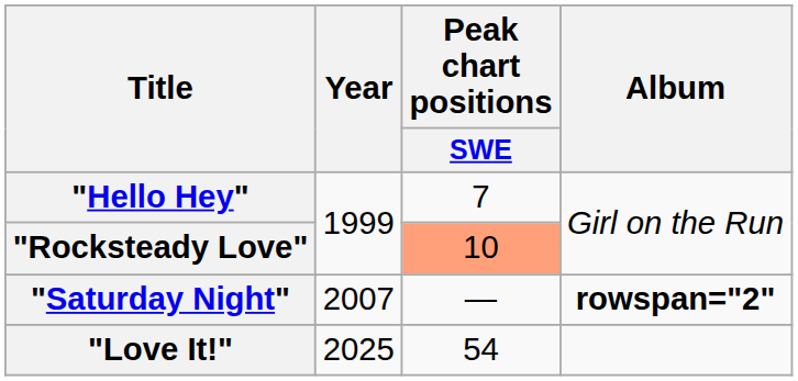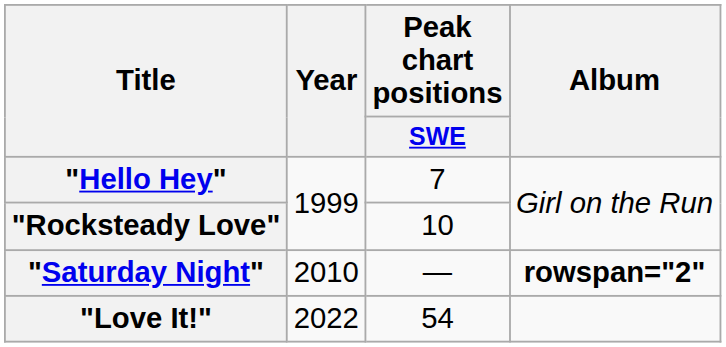 <table class="wikitable plainrowheaders" style="text-align:center;">
 <tr>
 <th scope="col" rowspan="2">Title</th>
 <th scope="col" rowspan="2">Year</th>
 <th scope="col" colspan="1">Peak chart positions</th>
 <th scope="col" rowspan="2">Album</th>
 </tr>
 <tr>
 <th scope="col" style="width:3em;font-size:85%;"><a href='#'>SWE</a><br></th>
 </tr>
 <tr>
 <th scope="row">"<a href='#'>Hello Hey</a>"</th>
 <td rowspan="2">1999</td>
 <td>7</td>
 <td rowspan="2"><em>Girl on the Run</em></td>
 </tr>
 <tr>
 <th scope="row">"Rocksteady Love"<br></th>
-<td style="background: lightsalmon;">10</td>
+<td>10</td>
 </tr>
 <tr>
 <th scope="row">"<a href='#'>Saturday Night</a>"</th>
-<td>2007</td>
+<td>2010</td>
 <td>—</td>
 <td><strong>rowspan="2" </strong></td>
 </tr>
 <tr>
 <th scope="row">"Love It!"</th>
-<td>2025</td>
+<td>2022</td>
 <td>54</td>
 </tr>
 </table>
